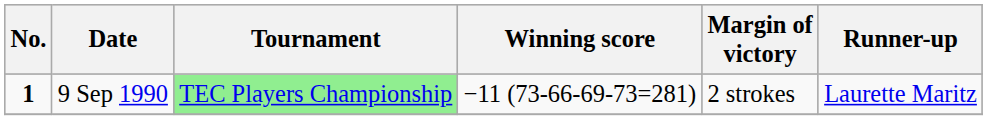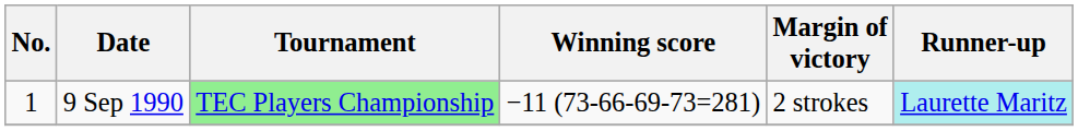 <table class="wikitable" style="font-size:95%;">
 <tr>
 <th>No.</th>
 <th>Date</th>
 <th>Tournament</th>
 <th>Winning score</th>
 <th>Margin of<br>victory</th>
 <th>Runner-up</th>
 </tr>
 <tr>
-<td align=center><strong>1</strong></td>
+<td align=center>1</td>
 <td>9 Sep <a href='#'>1990</a></td>
 <td style="background: lightgreen;"><a href='#'>TEC Players Championship</a></td>
 <td>−11 (73-66-69-73=281)</td>
 <td>2 strokes</td>
-<td> <a href='#'>Laurette Maritz</a></td>
+<td style="background: paleturquoise;"> <a href='#'>Laurette Maritz</a></td>
 </tr>
 <tr 9>
 </tr>
 </table>
